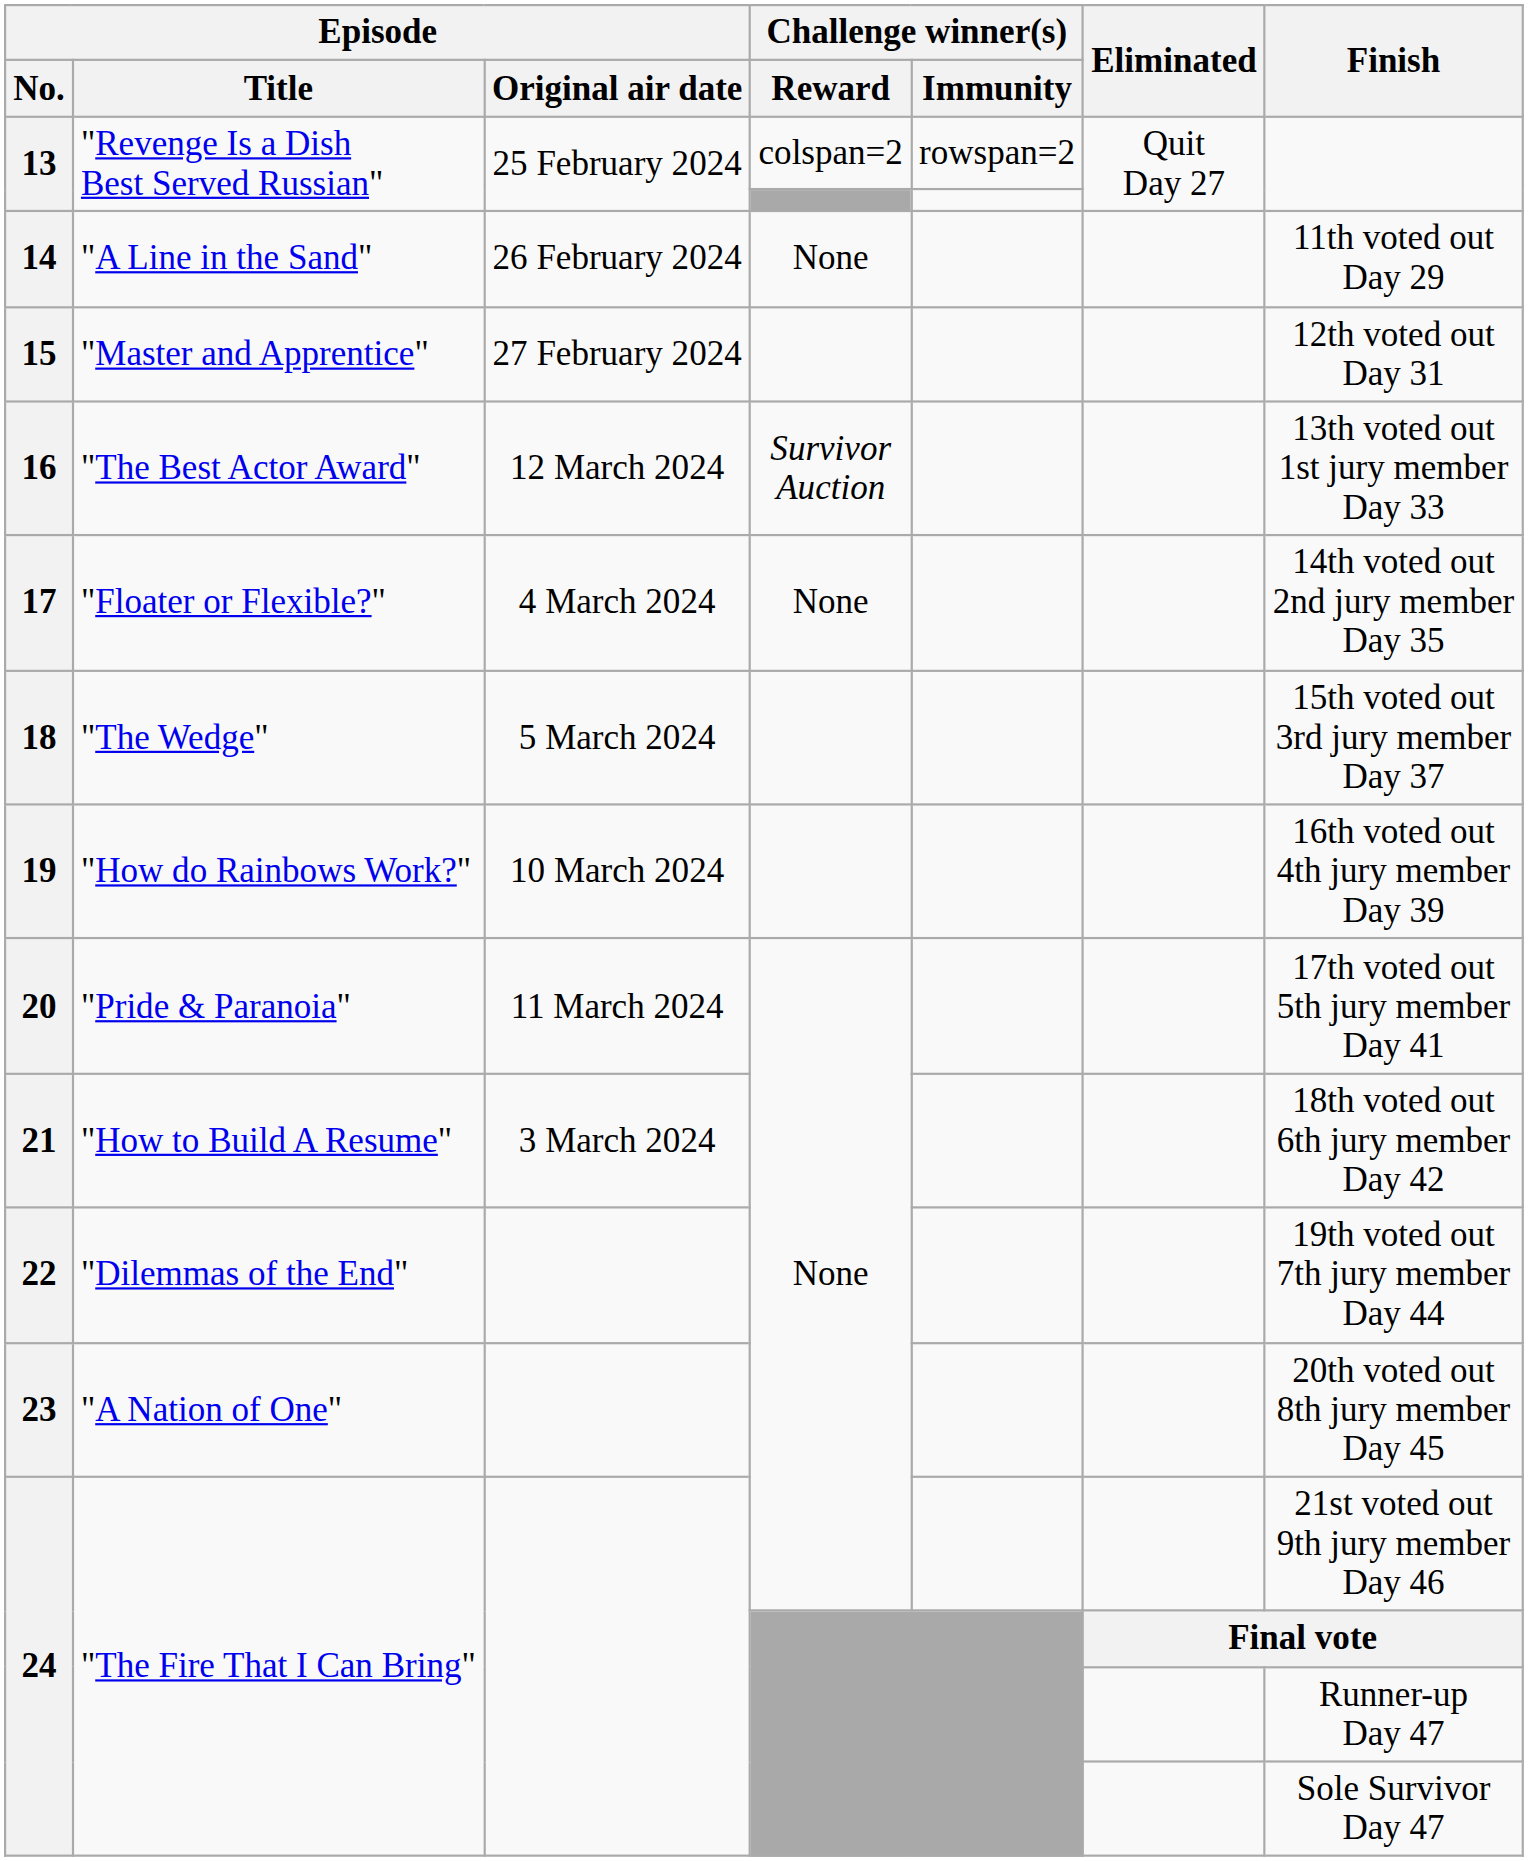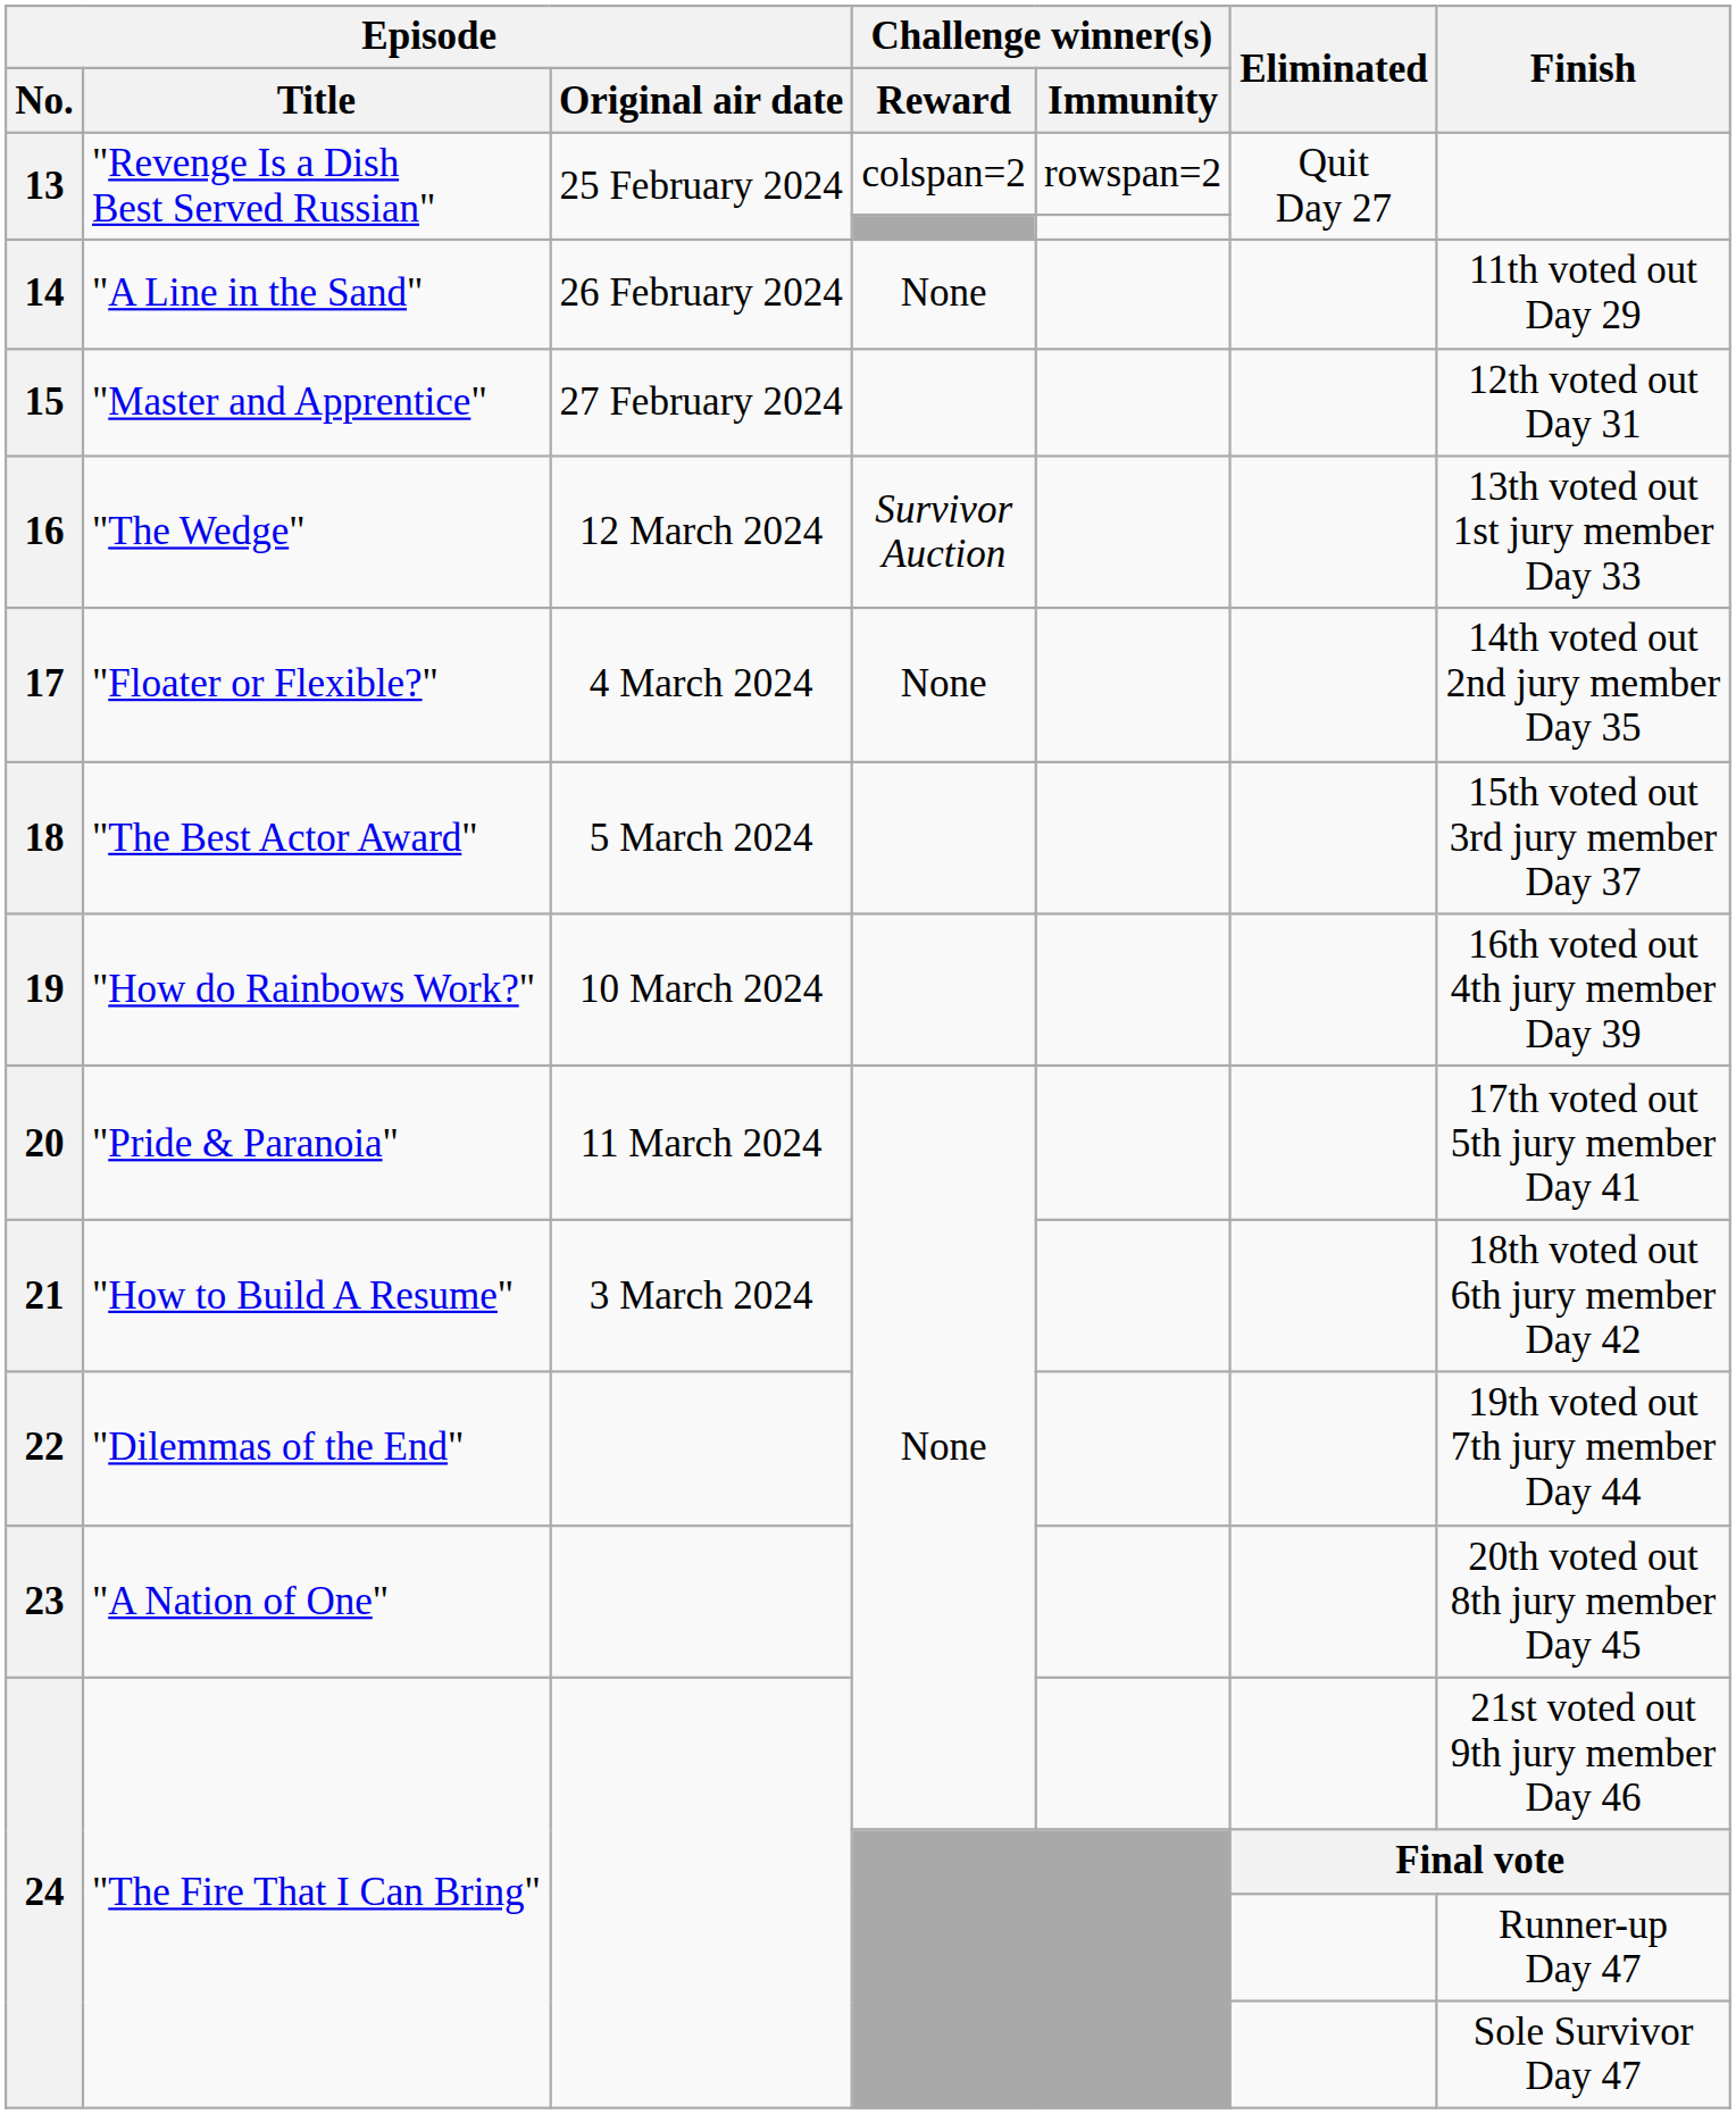 <table class="wikitable nowrap" style="text-align:center; font-size:100%">
 <tr>
 <th colspan="3">Episode</th>
 <th colspan="2">Challenge winner(s)</th>
 <th rowspan="2">Eliminated</th>
 <th rowspan="2">Finish</th>
 </tr>
 <tr>
 <th>No.</th>
 <th>Title</th>
 <th>Original air date</th>
 <th>Reward</th>
 <th>Immunity</th>
 </tr>
 <tr>
 <th rowspan=2>13</th>
 <td rowspan=2 align="left">"<a href='#'>Revenge Is a Dish<br> Best Served Russian</a>"</td>
 <td rowspan=2>25 February 2024</td>
 <td>colspan=2 </td>
 <td>rowspan=2 </td>
 <td rowspan=2>Quit<br>Day 27</td>
 </tr>
 <tr>
 <td bgcolor="darkgray"></td>
 <td></td>
 </tr>
 <tr>
 <th>14</th>
 <td align="left">"<a href='#'>A Line in the Sand</a>"</td>
 <td>26 February 2024</td>
 <td>None</td>
 <td></td>
 <td></td>
 <td>11th voted out<br>Day 29</td>
 </tr>
 <tr>
 <th>15</th>
 <td align="left">"<a href='#'>Master and Apprentice</a>"</td>
 <td>27 February 2024</td>
 <td></td>
 <td></td>
 <td></td>
 <td>12th voted out<br>Day 31</td>
 </tr>
 <tr>
 <th>16</th>
-<td align="left">"<a href='#'>The Best Actor Award</a>"</td>
+<td align="left">"<a href='#'>The Wedge</a>"</td>
 <td>12 March 2024</td>
 <td><em>Survivor<br>Auction</em></td>
 <td></td>
 <td></td>
 <td>13th voted out<br>1st jury member<br>Day 33</td>
 </tr>
 <tr>
 <th>17</th>
 <td align="left">"<a href='#'>Floater or Flexible?</a>"</td>
 <td>4 March 2024</td>
 <td>None</td>
 <td></td>
 <td></td>
 <td>14th voted out<br>2nd jury member<br>Day 35</td>
 </tr>
 <tr>
 <th>18</th>
-<td align="left">"<a href='#'>The Wedge</a>"</td>
+<td align="left">"<a href='#'>The Best Actor Award</a>"</td>
 <td>5 March 2024</td>
 <td></td>
 <td></td>
 <td></td>
 <td>15th voted out<br>3rd jury member<br>Day 37</td>
 </tr>
 <tr>
 <th>19</th>
 <td align="left">"<a href='#'>How do Rainbows Work?</a>"</td>
 <td>10 March 2024</td>
 <td></td>
 <td></td>
 <td></td>
 <td>16th voted out<br>4th jury member<br>Day 39</td>
 </tr>
 <tr>
 <th>20</th>
 <td align="left">"<a href='#'>Pride & Paranoia</a>"</td>
 <td>11 March 2024</td>
 <td rowspan=5>None</td>
 <td></td>
 <td></td>
 <td>17th voted out<br>5th jury member<br>Day 41</td>
 </tr>
 <tr>
 <th>21</th>
 <td align="left">"<a href='#'>How to Build A Resume</a>"</td>
 <td>3 March 2024</td>
 <td></td>
 <td></td>
 <td>18th voted out<br>6th jury member<br>Day 42</td>
 </tr>
 <tr>
 <th>22</th>
 <td align="left">"<a href='#'>Dilemmas of the End</a>"</td>
 <td></td>
 <td></td>
 <td></td>
 <td>19th voted out<br>7th jury member<br>Day 44</td>
 </tr>
 <tr>
 <th>23</th>
 <td align="left">"<a href='#'>A Nation of One</a>"</td>
 <td></td>
 <td></td>
 <td></td>
 <td>20th voted out<br>8th jury member<br>Day 45</td>
 </tr>
 <tr>
 <th rowspan=4>24</th>
 <td rowspan=4 align="left">"<a href='#'>The Fire That I Can Bring</a>"</td>
 <td rowspan="4"></td>
 <td></td>
 <td></td>
 <td>21st voted out<br>9th jury member<br>Day 46</td>
 </tr>
 <tr>
 <td rowspan="3" colspan="2" bgcolor="darkgray"></td>
 <th colspan="2">Final vote</th>
 </tr>
 <tr>
 <td></td>
 <td>Runner-up<br>Day 47</td>
 </tr>
 <tr>
 <td></td>
 <td>Sole Survivor<br>Day 47</td>
 </tr>
 </table>
